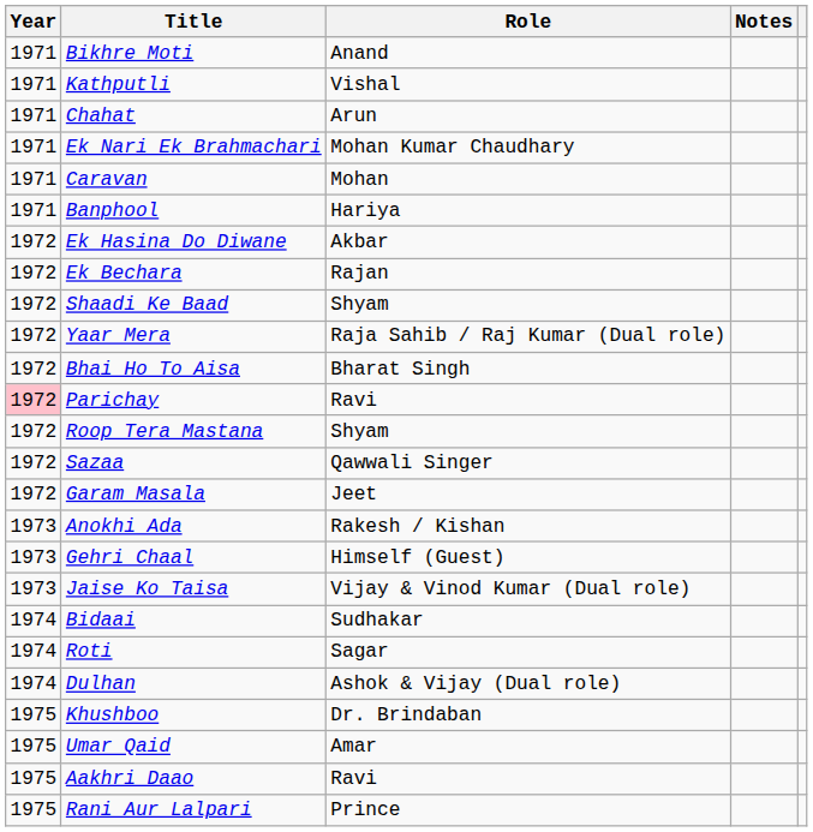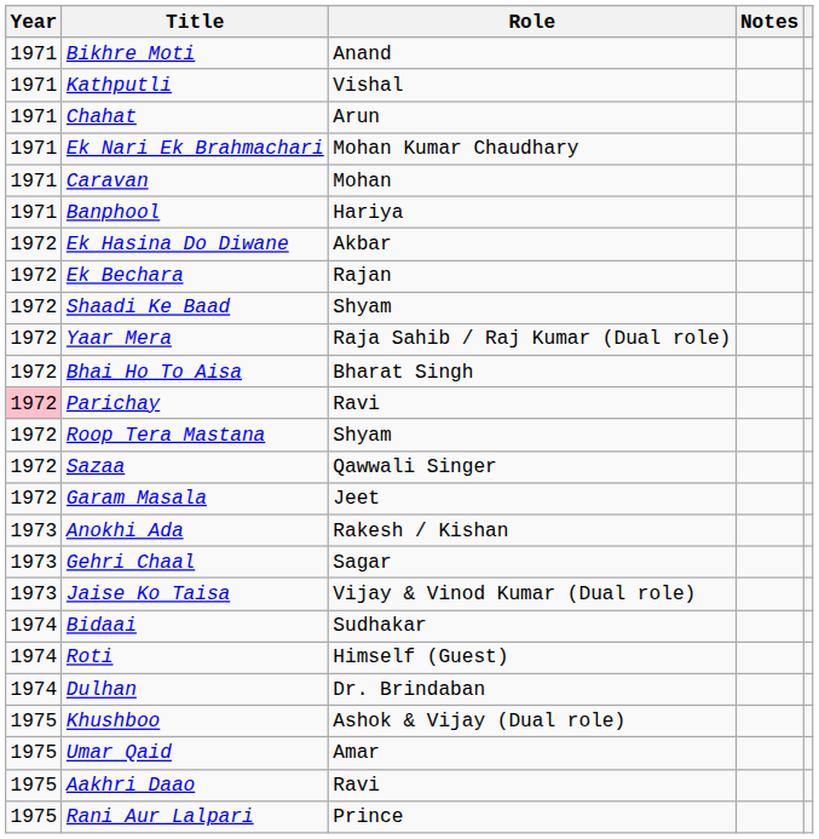 <table class="wikitable sortable">
 <tr style="background:#ccc; align:center,">
 <th>Year</th>
 <th>Title</th>
 <th>Role</th>
 <th>Notes</th>
 <th></th>
 </tr>
 <tr>
 <td>1971</td>
 <td><em><a href='#'>Bikhre Moti</a></em></td>
 <td>Anand</td>
 <td></td>
 <td></td>
 </tr>
 <tr>
 <td>1971</td>
 <td><em><a href='#'>Kathputli</a></em></td>
 <td>Vishal</td>
 <td></td>
 <td></td>
 </tr>
 <tr>
 <td>1971</td>
 <td><em><a href='#'>Chahat</a></em></td>
 <td>Arun</td>
 <td></td>
 <td></td>
 </tr>
 <tr>
 <td>1971</td>
 <td><em><a href='#'>Ek Nari Ek Brahmachari</a></em></td>
 <td>Mohan Kumar Chaudhary</td>
 <td></td>
 <td></td>
 </tr>
 <tr>
 <td>1971</td>
 <td><em><a href='#'>Caravan</a></em></td>
 <td>Mohan</td>
 <td></td>
 <td></td>
 </tr>
 <tr>
 <td>1971</td>
 <td><em><a href='#'>Banphool</a></em></td>
 <td>Hariya</td>
 <td></td>
 <td></td>
 </tr>
 <tr>
 <td>1972</td>
 <td><em><a href='#'>Ek Hasina Do Diwane</a></em></td>
 <td>Akbar</td>
 <td></td>
 <td></td>
 </tr>
 <tr>
 <td>1972</td>
 <td><em><a href='#'>Ek Bechara</a></em></td>
 <td>Rajan</td>
 <td></td>
 <td></td>
 </tr>
 <tr>
 <td>1972</td>
 <td><em><a href='#'>Shaadi Ke Baad</a></em></td>
 <td>Shyam</td>
 <td></td>
 <td></td>
 </tr>
 <tr>
 <td>1972</td>
 <td><em><a href='#'>Yaar Mera</a></em></td>
 <td>Raja Sahib / Raj Kumar (Dual role)</td>
 <td></td>
 <td></td>
 </tr>
 <tr>
 <td>1972</td>
 <td><em><a href='#'>Bhai Ho To Aisa</a></em></td>
 <td>Bharat Singh</td>
 <td></td>
 <td></td>
 </tr>
 <tr>
 <td style="background: pink;">1972</td>
 <td><em><a href='#'>Parichay</a></em></td>
 <td>Ravi</td>
 <td></td>
 <td></td>
 </tr>
 <tr>
 <td>1972</td>
 <td><em><a href='#'>Roop Tera Mastana</a></em></td>
 <td>Shyam</td>
 <td></td>
 <td></td>
 </tr>
 <tr>
 <td>1972</td>
 <td><em><a href='#'>Sazaa</a></em></td>
 <td>Qawwali Singer</td>
 <td></td>
 <td></td>
 </tr>
 <tr>
 <td>1972</td>
 <td><em><a href='#'>Garam Masala</a></em></td>
 <td>Jeet</td>
 <td></td>
 <td></td>
 </tr>
 <tr>
 <td>1973</td>
 <td><em><a href='#'>Anokhi Ada</a></em></td>
 <td>Rakesh / Kishan</td>
 <td></td>
 <td></td>
 </tr>
 <tr>
 <td>1973</td>
 <td><em><a href='#'>Gehri Chaal</a></em></td>
-<td>Himself (Guest)</td>
+<td>Sagar</td>
 <td></td>
 <td></td>
 </tr>
 <tr>
 <td>1973</td>
 <td><em><a href='#'>Jaise Ko Taisa</a></em></td>
 <td>Vijay & Vinod Kumar (Dual role)</td>
 <td></td>
 <td></td>
 </tr>
 <tr>
 <td>1974</td>
 <td><em><a href='#'>Bidaai</a></em></td>
 <td>Sudhakar</td>
 <td></td>
 <td></td>
 </tr>
 <tr>
 <td>1974</td>
 <td><em><a href='#'>Roti</a></em></td>
-<td>Sagar</td>
+<td>Himself (Guest)</td>
 <td></td>
 <td></td>
 </tr>
 <tr>
 <td>1974</td>
 <td><em><a href='#'>Dulhan</a></em></td>
-<td>Ashok & Vijay (Dual role)</td>
+<td>Dr. Brindaban</td>
 <td></td>
 <td></td>
 </tr>
 <tr>
 <td>1975</td>
 <td><em><a href='#'>Khushboo</a></em></td>
-<td>Dr. Brindaban</td>
+<td>Ashok & Vijay (Dual role)</td>
 <td></td>
 <td></td>
 </tr>
 <tr>
 <td>1975</td>
 <td><em><a href='#'>Umar Qaid</a></em></td>
 <td>Amar</td>
 <td></td>
 <td></td>
 </tr>
 <tr>
 <td>1975</td>
 <td><em><a href='#'>Aakhri Daao</a></em></td>
 <td>Ravi</td>
 <td></td>
 <td></td>
 </tr>
 <tr>
 <td>1975</td>
 <td><em><a href='#'>Rani Aur Lalpari</a></em></td>
 <td>Prince</td>
 <td></td>
 <td></td>
 </tr>
 </table>
